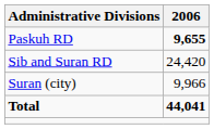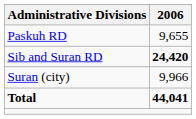 <table class="wikitable">
 <tr>
 <th>Administrative Divisions</th>
 <th>2006</th>
 </tr>
 <tr>
 <td><a href='#'>Paskuh RD</a></td>
-<td style="text-align: right;"><strong>9,655</strong></td>
+<td style="text-align: right;">9,655</td>
 </tr>
 <tr>
 <td><a href='#'>Sib and Suran RD</a></td>
-<td style="text-align: right;">24,420</td>
+<td style="text-align: right;"><strong>24,420</strong></td>
 </tr>
 <tr>
 <td><a href='#'>Suran</a> (city)</td>
 <td style="text-align: right;">9,966</td>
 </tr>
 <tr>
 <td><strong>Total</strong></td>
 <td style="text-align: right;"><strong>44,041</strong></td>
 </tr>
 <tr>
 <td colspan=4></td>
 </tr>
 </table>
